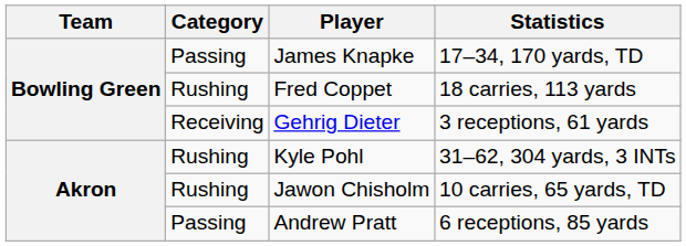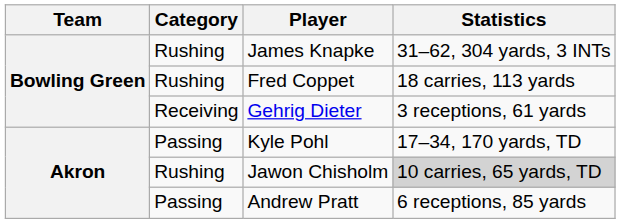 <table class="wikitable" style="float:right">
 <tr>
 <th>Team</th>
 <th>Category</th>
 <th>Player</th>
 <th>Statistics</th>
 </tr>
 <tr>
 <th rowspan=3>Bowling Green</th>
-<td>Passing</td>
+<td>Rushing</td>
 <td>James Knapke</td>
-<td>17–34, 170 yards, TD</td>
+<td>31–62, 304 yards, 3 INTs</td>
 </tr>
 <tr>
 <td>Rushing</td>
 <td>Fred Coppet</td>
 <td>18 carries, 113 yards</td>
 </tr>
 <tr>
 <td>Receiving</td>
 <td><a href='#'>Gehrig Dieter</a></td>
 <td>3 receptions, 61 yards</td>
 </tr>
 <tr>
 <th rowspan=3>Akron</th>
-<td>Rushing</td>
+<td>Passing</td>
 <td>Kyle Pohl</td>
-<td>31–62, 304 yards, 3 INTs</td>
+<td>17–34, 170 yards, TD</td>
 </tr>
 <tr>
 <td>Rushing</td>
 <td>Jawon Chisholm</td>
-<td>10 carries, 65 yards, TD</td>
+<td style="background: lightgrey;">10 carries, 65 yards, TD</td>
 </tr>
 <tr>
 <td>Passing</td>
 <td>Andrew Pratt</td>
 <td>6 receptions, 85 yards</td>
 </tr>
 </table>
